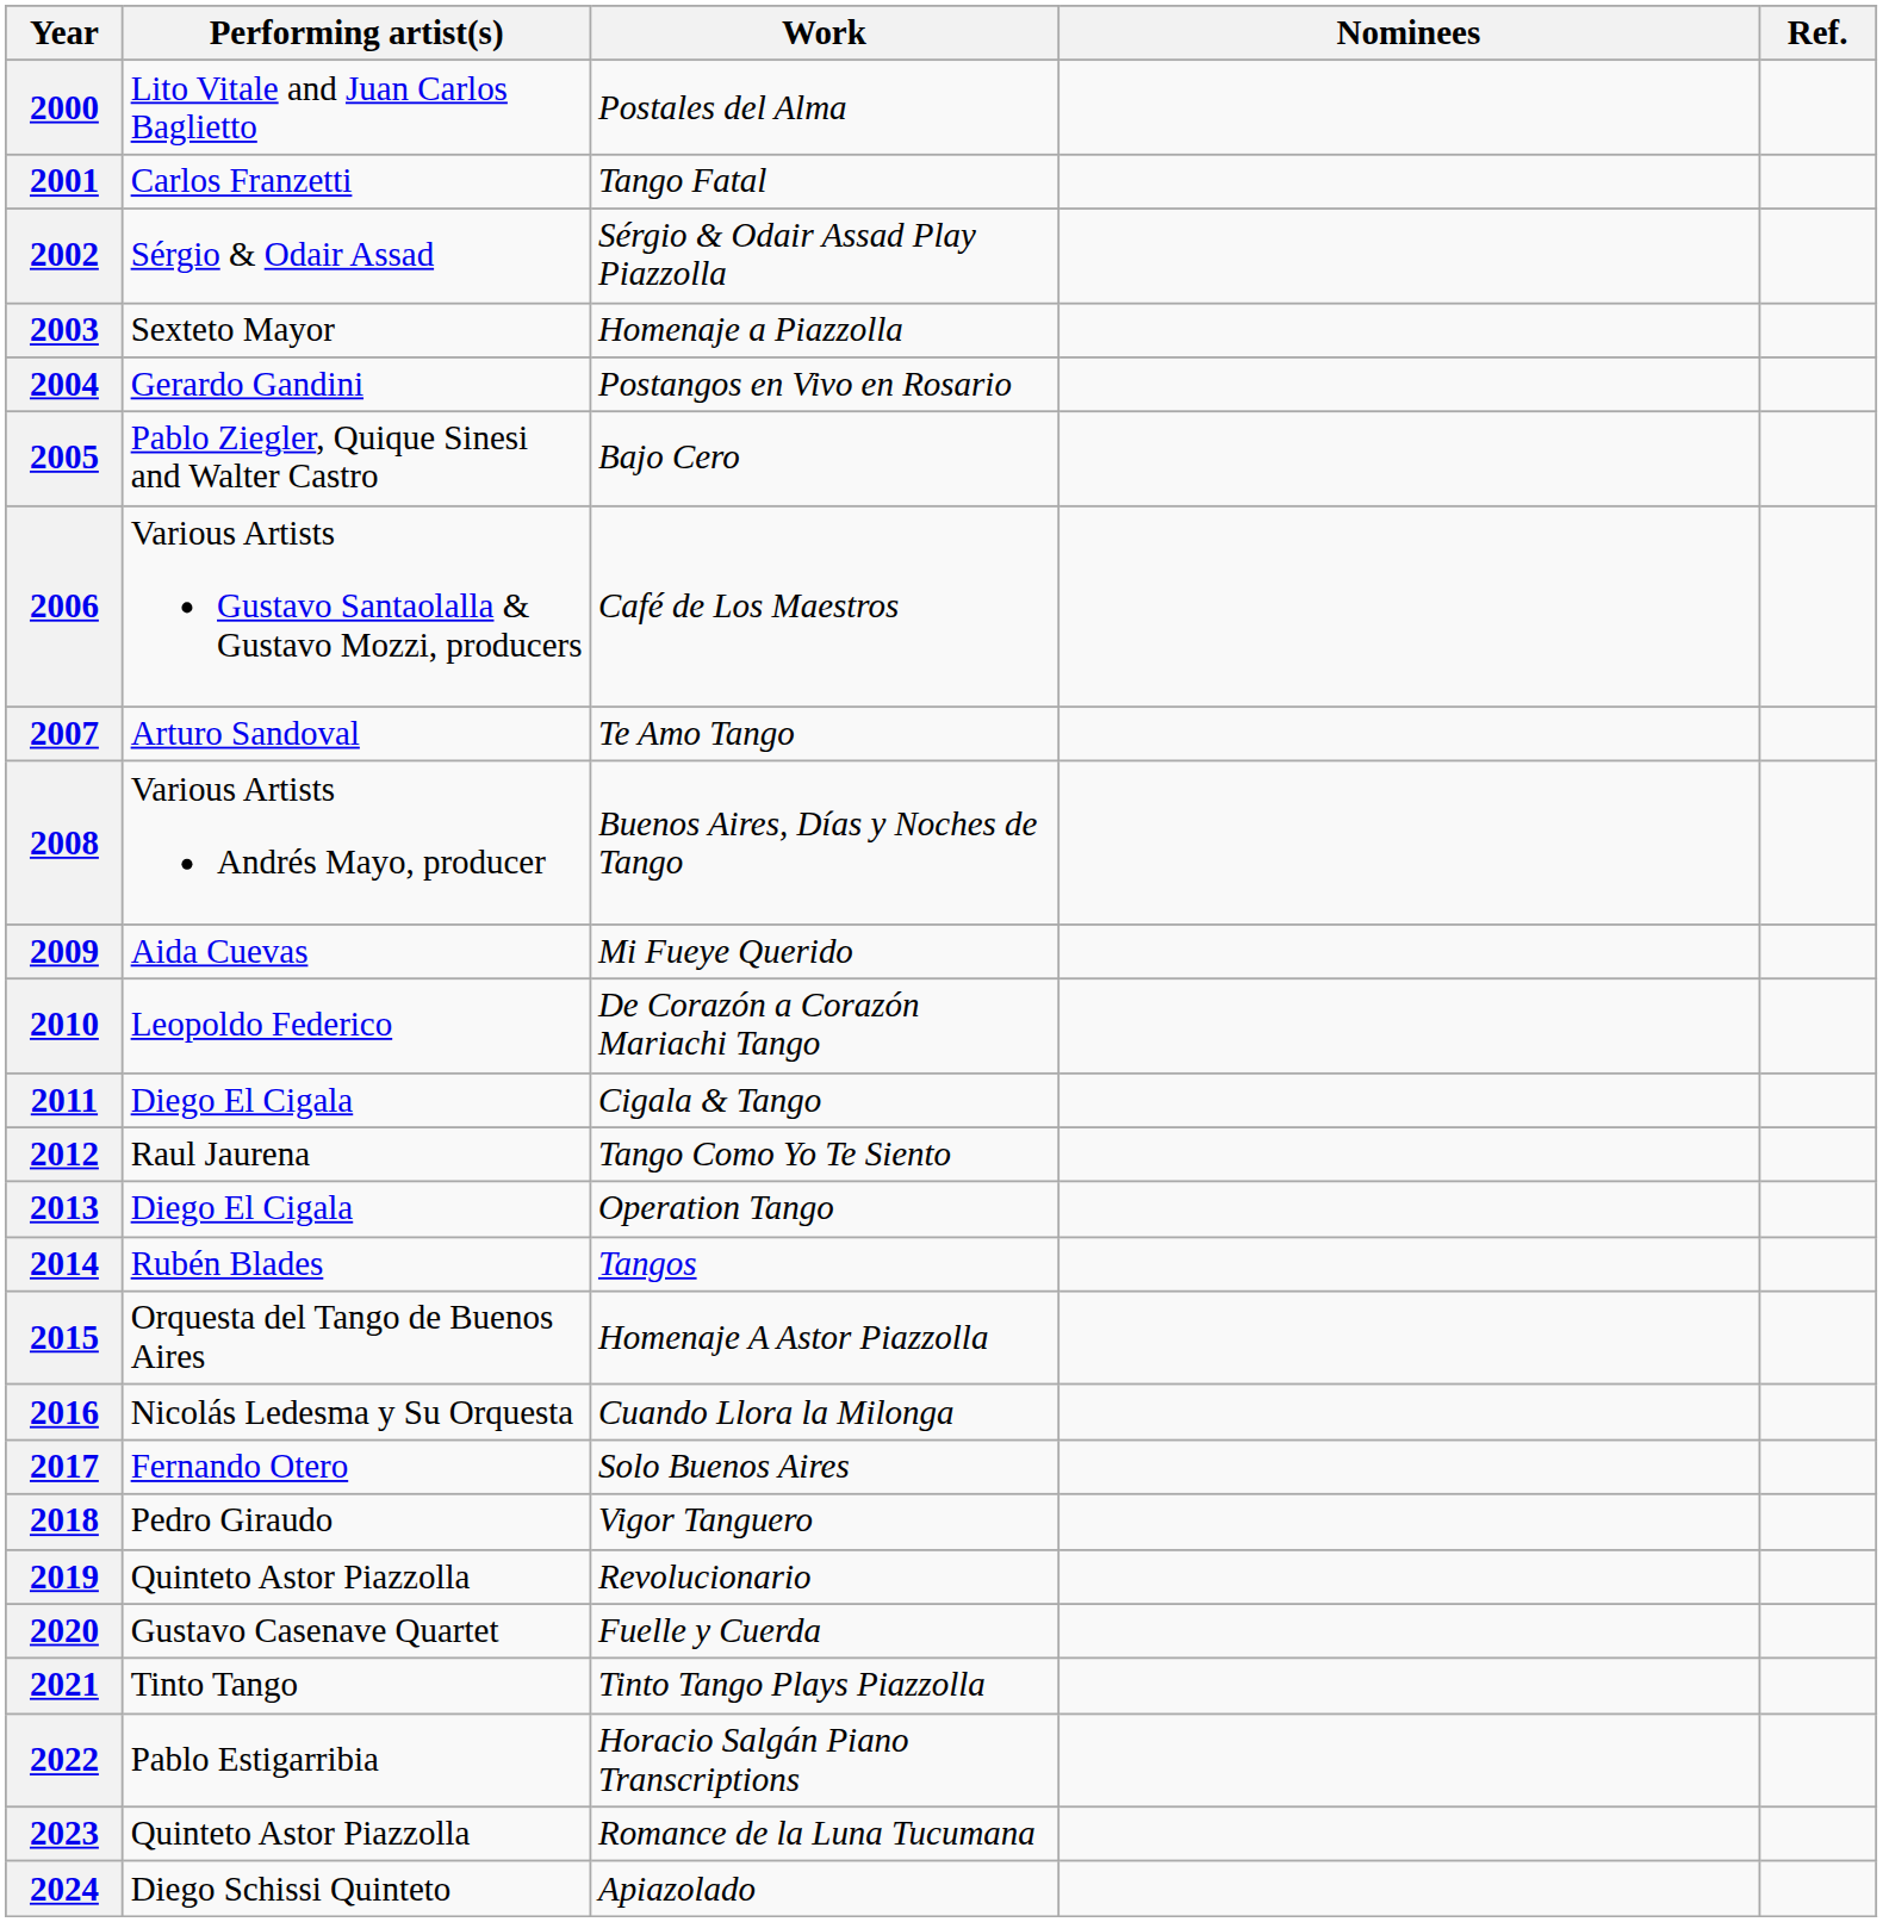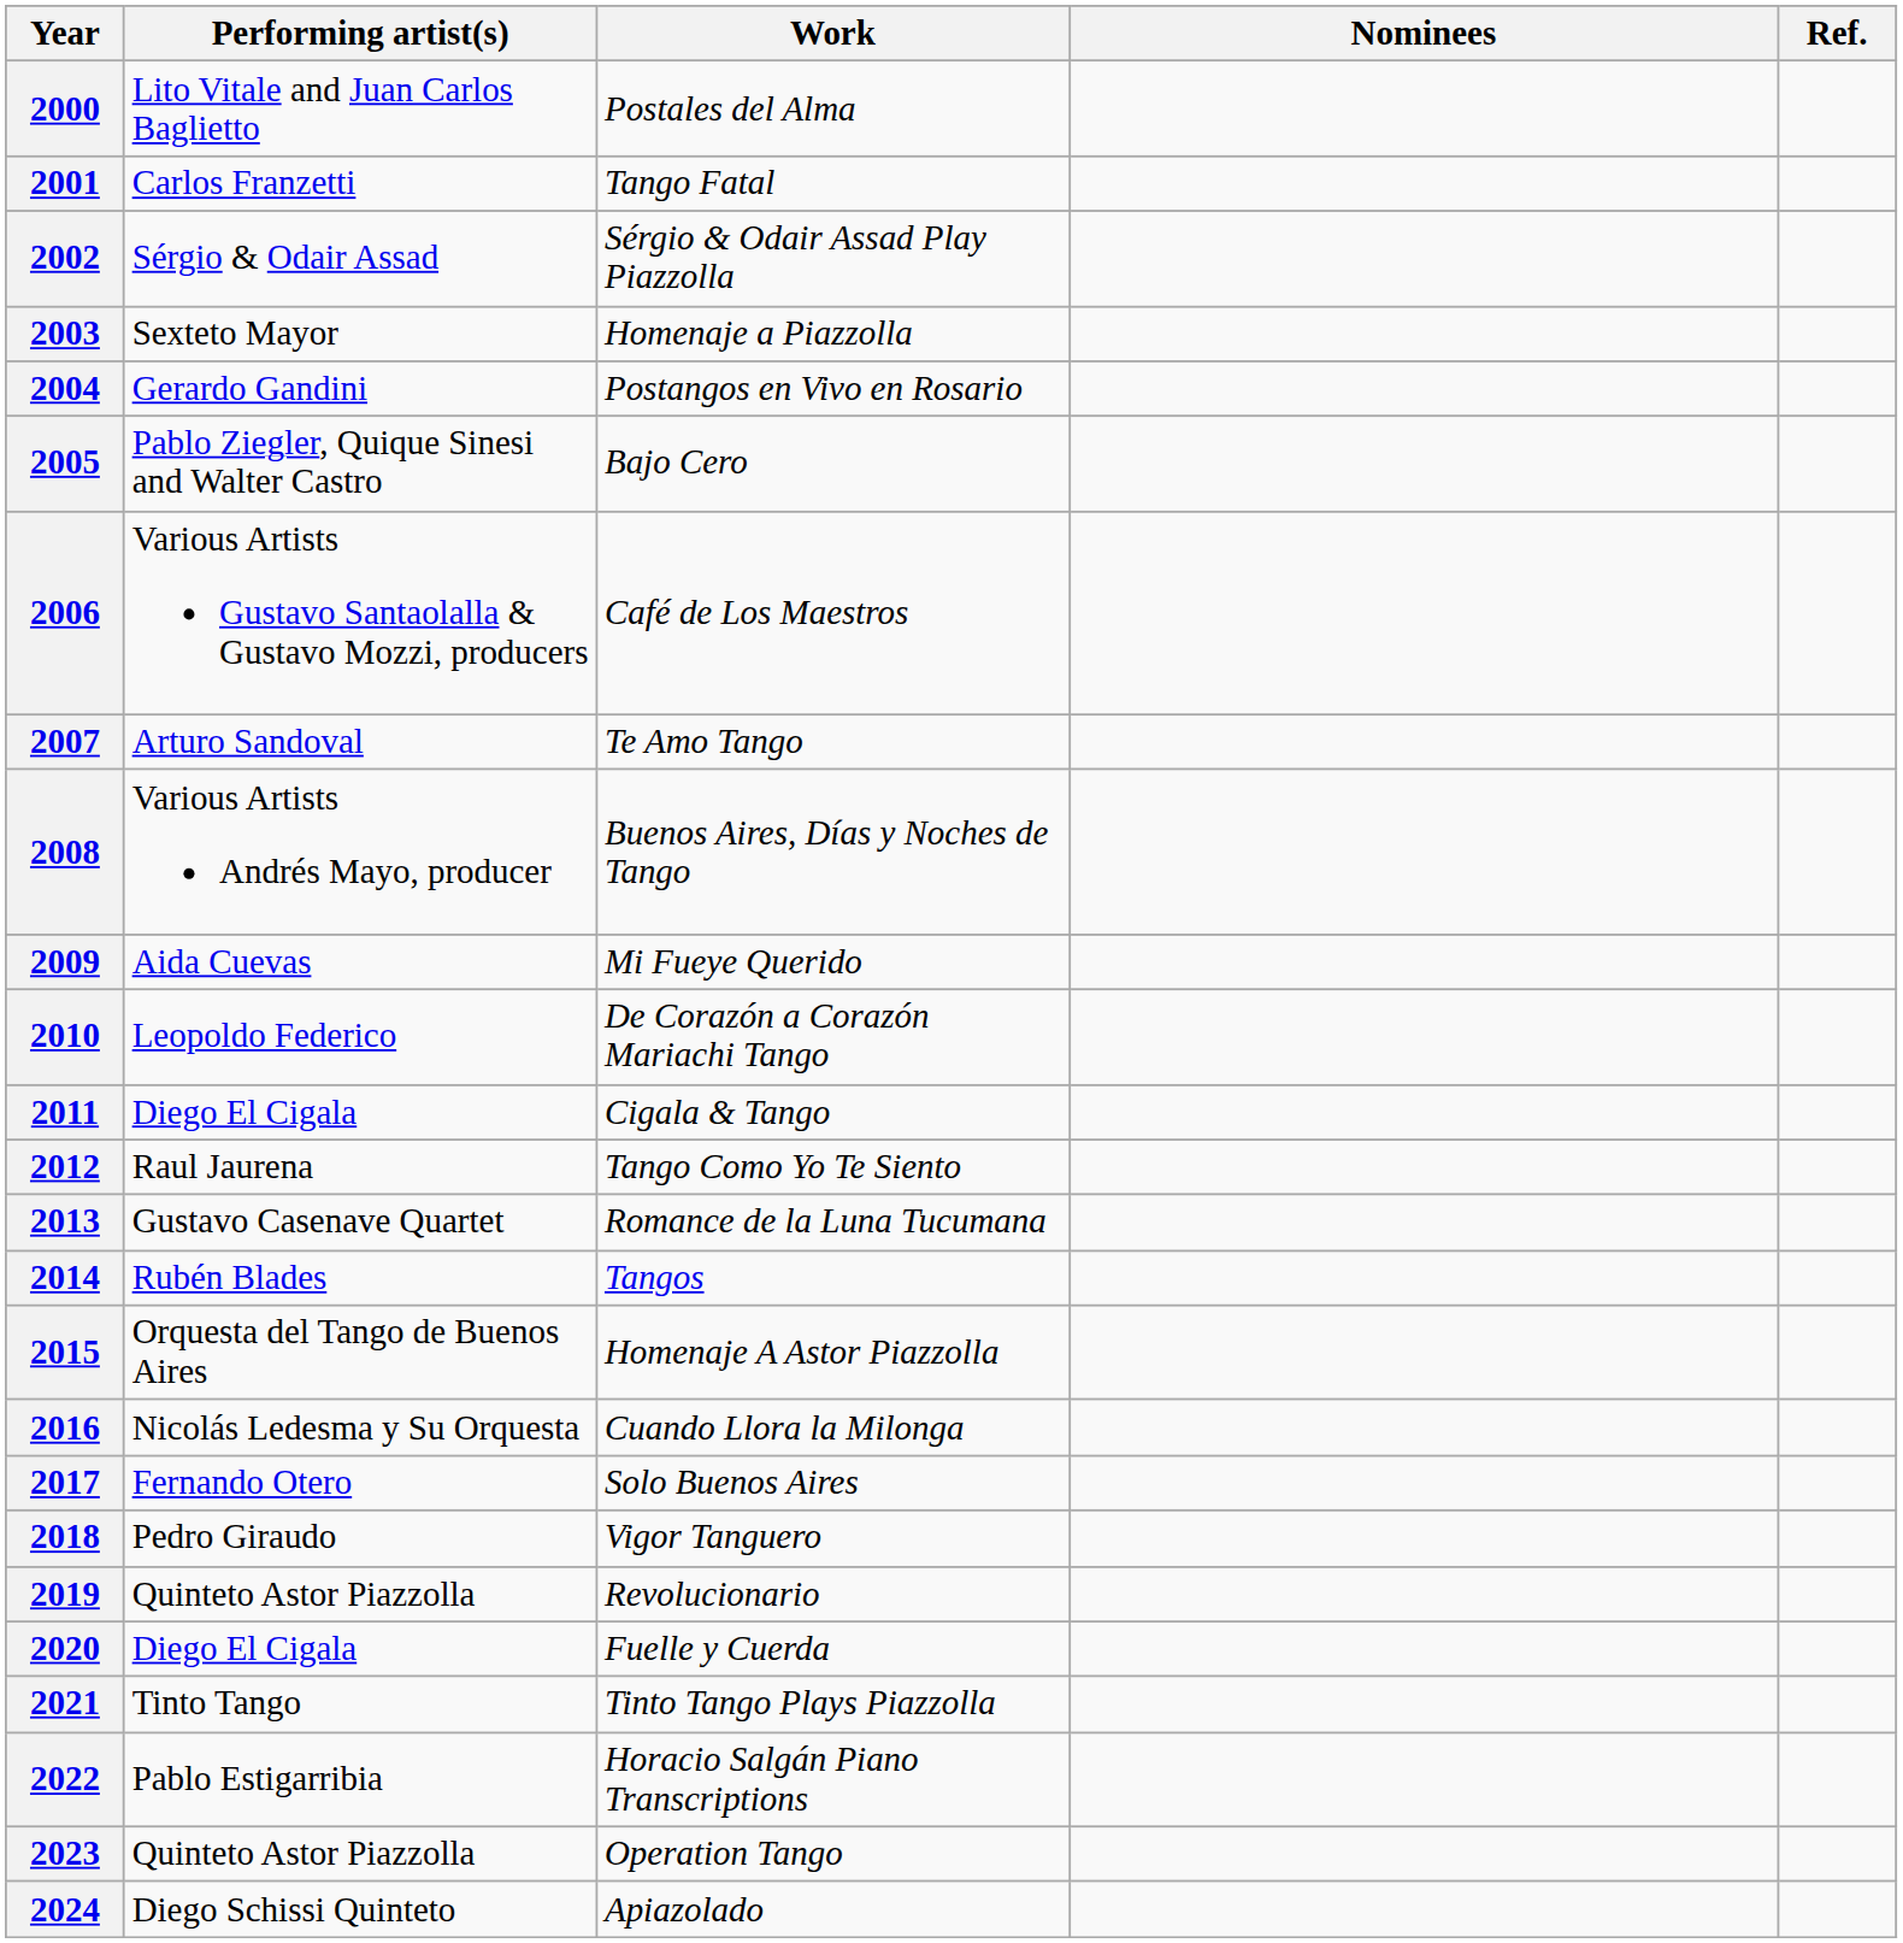 <table class="wikitable plainrowheaders sortable">
 <tr>
 <th scope="col" width="5%">Year</th>
 <th scope="col" width="20%">Performing artist(s)</th>
 <th scope="col" width="20%">Work</th>
 <th scope="col" class="unsortable" width="30%">Nominees</th>
 <th scope="col" class="unsortable" width="5%">Ref.</th>
 </tr>
 <tr>
 <th style="text-align:center;"><a href='#'>2000</a></th>
 <td><a href='#'>Lito Vitale</a> and <a href='#'>Juan Carlos Baglietto</a></td>
 <td><em>Postales del Alma</em></td>
 <td></td>
 <td></td>
 </tr>
 <tr>
 <th style="text-align:center;"><a href='#'>2001</a></th>
 <td><a href='#'>Carlos Franzetti</a></td>
 <td><em>Tango Fatal</em></td>
 <td></td>
 <td></td>
 </tr>
 <tr>
 <th style="text-align:center;"><a href='#'>2002</a></th>
 <td><a href='#'>Sérgio</a> & <a href='#'>Odair Assad</a></td>
 <td><em>Sérgio & Odair Assad Play Piazzolla</em></td>
 <td></td>
 <td></td>
 </tr>
 <tr>
 <th style="text-align:center;"><a href='#'>2003</a></th>
 <td>Sexteto Mayor</td>
 <td><em>Homenaje a Piazzolla</em></td>
 <td></td>
 <td></td>
 </tr>
 <tr>
 <th style="text-align:center;"><a href='#'>2004</a></th>
 <td><a href='#'>Gerardo Gandini</a></td>
 <td><em>Postangos en Vivo en Rosario</em></td>
 <td></td>
 <td></td>
 </tr>
 <tr>
 <th style="text-align:center;"><a href='#'>2005</a></th>
 <td><a href='#'>Pablo Ziegler</a>, Quique Sinesi and Walter Castro</td>
 <td><em>Bajo Cero</em></td>
 <td></td>
 <td></td>
 </tr>
 <tr>
 <th style="text-align:center;"><a href='#'>2006</a></th>
 <td>Various Artists<br><ul><li><a href='#'>Gustavo Santaolalla</a> & Gustavo Mozzi, producers</li></ul></td>
 <td><em>Café de Los Maestros</em></td>
 <td></td>
 <td></td>
 </tr>
 <tr>
 <th style="text-align:center;"><a href='#'>2007</a></th>
 <td><a href='#'>Arturo Sandoval</a></td>
 <td><em>Te Amo Tango</em></td>
 <td></td>
 <td></td>
 </tr>
 <tr>
 <th style="text-align:center;"><a href='#'>2008</a></th>
 <td>Various Artists<br><ul><li>Andrés Mayo, producer</li></ul></td>
 <td><em>Buenos Aires, Días y Noches de Tango</em></td>
 <td></td>
 <td></td>
 </tr>
 <tr>
 <th style="text-align:center;"><a href='#'>2009</a></th>
 <td><a href='#'>Aida Cuevas</a></td>
 <td><em>Mi Fueye Querido</em></td>
 <td></td>
 <td></td>
 </tr>
 <tr>
 <th style="text-align:center;"><a href='#'>2010</a></th>
 <td><a href='#'>Leopoldo Federico</a></td>
 <td><em>De Corazón a Corazón Mariachi Tango</em></td>
 <td></td>
 <td></td>
 </tr>
 <tr>
 <th style="text-align:center;"><a href='#'>2011</a></th>
 <td><a href='#'>Diego El Cigala</a></td>
 <td><em>Cigala & Tango</em></td>
 <td></td>
 <td></td>
 </tr>
 <tr>
 <th style="text-align:center;"><a href='#'>2012</a></th>
 <td>Raul Jaurena</td>
 <td><em>Tango Como Yo Te Siento</em></td>
 <td></td>
 <td></td>
 </tr>
 <tr>
 <th style="text-align:center;"><a href='#'>2013</a></th>
-<td><a href='#'>Diego El Cigala</a></td>
-<td><em>Operation Tango</em></td>
+<td>Gustavo Casenave Quartet</td>
+<td><em>Romance de la Luna Tucumana</em></td>
 <td></td>
 <td></td>
 </tr>
 <tr>
 <th style="text-align:center;"><a href='#'>2014</a></th>
 <td><a href='#'>Rubén Blades</a></td>
 <td><em><a href='#'>Tangos</a></em></td>
 <td></td>
 <td></td>
 </tr>
 <tr>
 <th style="text-align:center;"><a href='#'>2015</a></th>
 <td>Orquesta del Tango de Buenos Aires</td>
 <td><em>Homenaje A Astor Piazzolla</em></td>
 <td></td>
 <td></td>
 </tr>
 <tr>
 <th style="text-align:center;"><a href='#'>2016</a></th>
 <td>Nicolás Ledesma y Su Orquesta</td>
 <td><em>Cuando Llora la Milonga</em></td>
 <td></td>
 <td></td>
 </tr>
 <tr>
 <th style="text-align:center;"><a href='#'>2017</a></th>
 <td><a href='#'>Fernando Otero</a></td>
 <td><em>Solo Buenos Aires</em></td>
 <td></td>
 <td></td>
 </tr>
 <tr>
 <th style="text-align:center;"><a href='#'>2018</a></th>
 <td>Pedro Giraudo</td>
 <td><em>Vigor Tanguero</em></td>
 <td></td>
 <td></td>
 </tr>
 <tr>
 <th style="text-align:center;"><a href='#'>2019</a></th>
 <td>Quinteto Astor Piazzolla</td>
 <td><em>Revolucionario</em></td>
 <td></td>
 <td></td>
 </tr>
 <tr>
 <th style="text-align:center;"><a href='#'>2020</a></th>
-<td>Gustavo Casenave Quartet</td>
+<td><a href='#'>Diego El Cigala</a></td>
 <td><em>Fuelle y Cuerda</em></td>
 <td></td>
 <td></td>
 </tr>
 <tr>
 <th style="text-align:center;"><a href='#'>2021</a></th>
 <td>Tinto Tango</td>
 <td><em>Tinto Tango Plays Piazzolla</em></td>
 <td></td>
 <td></td>
 </tr>
 <tr>
 <th style="text-align:center;" scope="row"><a href='#'><strong>2022</strong></a></th>
 <td>Pablo Estigarribia</td>
 <td><em>Horacio Salgán Piano Transcriptions</em></td>
 <td></td>
 <td></td>
 </tr>
 <tr>
 <th style="text-align:center;" scope="row"><a href='#'><strong>2023</strong></a></th>
 <td>Quinteto Astor Piazzolla</td>
-<td><em>Romance de la Luna Tucumana</em></td>
+<td><em>Operation Tango</em></td>
 <td></td>
 <td style="text-align:center;"></td>
 </tr>
 <tr>
 <th style="text-align:center;" scope="row"><a href='#'><strong>2024</strong></a></th>
 <td>Diego Schissi Quinteto</td>
 <td><em>Apiazolado</em></td>
 <td></td>
 <td align="center"></td>
 </tr>
 <tr>
 </tr>
 </table>
